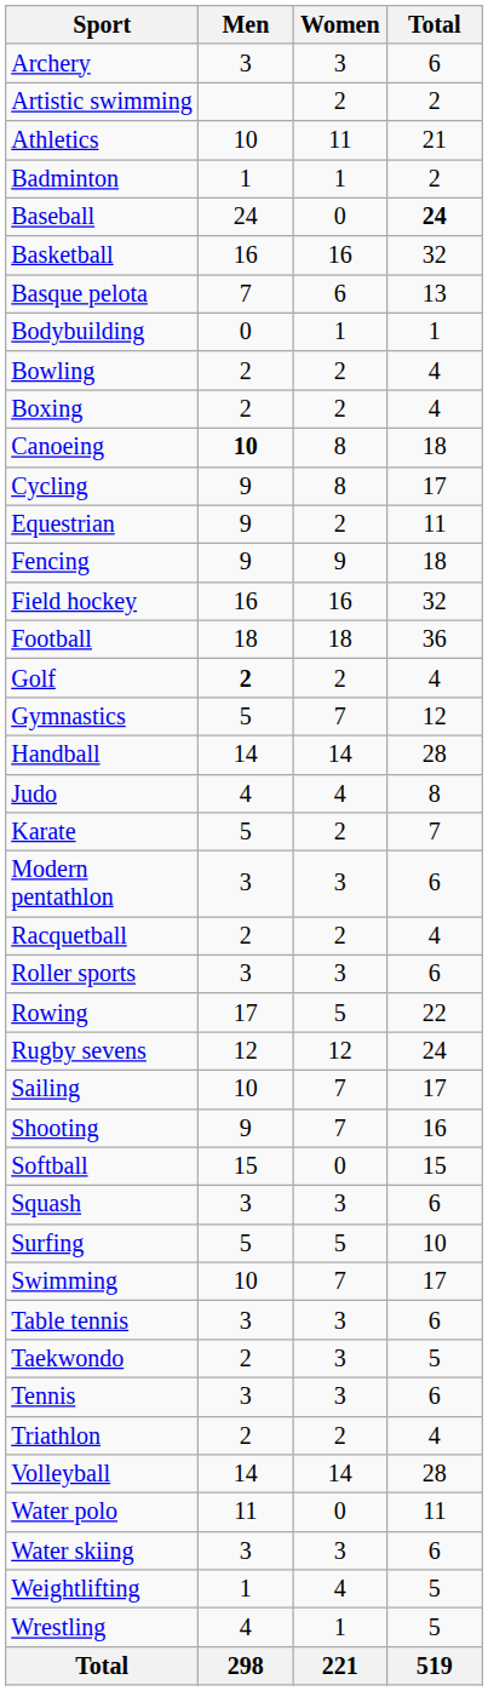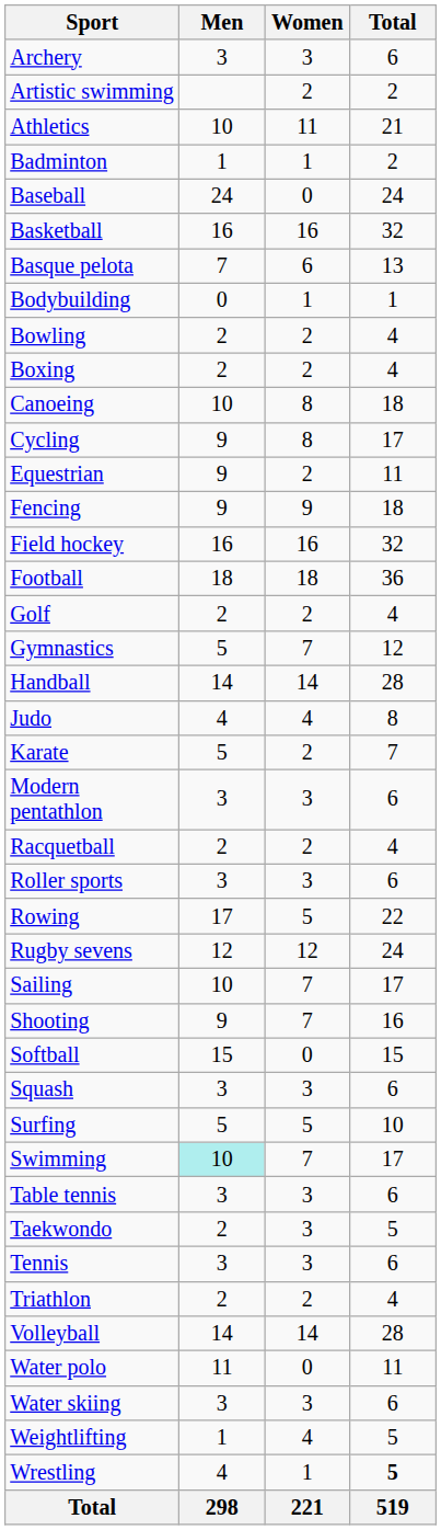 <table class="wikitable sortable" style="text-align:center;">
 <tr>
 <th width=120>Sport</th>
 <th width=55>Men</th>
 <th width=55>Women</th>
 <th width=55>Total</th>
 </tr>
 <tr>
 <td style="text-align:left"left><a href='#'>Archery</a></td>
 <td>3</td>
 <td>3</td>
 <td>6</td>
 </tr>
 <tr>
 <td style="text-align:left"><a href='#'>Artistic swimming</a></td>
 <td></td>
 <td>2</td>
 <td>2</td>
 </tr>
 <tr>
 <td style="text-align:left"><a href='#'>Athletics</a></td>
 <td>10</td>
 <td>11</td>
 <td>21</td>
 </tr>
 <tr>
 <td style="text-align:left"><a href='#'>Badminton</a></td>
 <td>1</td>
 <td>1</td>
 <td>2</td>
 </tr>
 <tr>
 <td style="text-align:left"><a href='#'>Baseball</a></td>
 <td>24</td>
 <td>0</td>
-<td><strong>24</strong></td>
+<td>24</td>
 </tr>
 <tr>
 <td style="text-align:left"><a href='#'>Basketball</a></td>
 <td>16</td>
 <td>16</td>
 <td>32</td>
 </tr>
 <tr>
 <td style="text-align:left"><a href='#'>Basque pelota</a></td>
 <td>7</td>
 <td>6</td>
 <td>13</td>
 </tr>
 <tr>
 <td style="text-align:left"><a href='#'>Bodybuilding</a></td>
 <td>0</td>
 <td>1</td>
 <td>1</td>
 </tr>
 <tr>
 <td style="text-align:left"><a href='#'>Bowling</a></td>
 <td>2</td>
 <td>2</td>
 <td>4</td>
 </tr>
 <tr>
 <td style="text-align:left"><a href='#'>Boxing</a></td>
 <td>2</td>
 <td>2</td>
 <td>4</td>
 </tr>
 <tr>
 <td style="text-align:left"><a href='#'>Canoeing</a></td>
-<td><strong>10</strong></td>
+<td>10</td>
 <td>8</td>
 <td>18</td>
 </tr>
 <tr>
 <td style="text-align:left"><a href='#'>Cycling</a></td>
 <td>9</td>
 <td>8</td>
 <td>17</td>
 </tr>
 <tr>
 <td style="text-align:left"><a href='#'>Equestrian</a></td>
 <td>9</td>
 <td>2</td>
 <td>11</td>
 </tr>
 <tr>
 <td style="text-align:left"><a href='#'>Fencing</a></td>
 <td>9</td>
 <td>9</td>
 <td>18</td>
 </tr>
 <tr>
 <td style="text-align:left"><a href='#'>Field hockey</a></td>
 <td>16</td>
 <td>16</td>
 <td>32</td>
 </tr>
 <tr>
 <td style="text-align:left"><a href='#'>Football</a></td>
 <td>18</td>
 <td>18</td>
 <td>36</td>
 </tr>
 <tr>
 <td style="text-align:left"><a href='#'>Golf</a></td>
-<td><strong>2</strong></td>
+<td>2</td>
 <td>2</td>
 <td>4</td>
 </tr>
 <tr>
 <td style="text-align:left"><a href='#'>Gymnastics</a></td>
 <td>5</td>
 <td>7</td>
 <td>12</td>
 </tr>
 <tr>
 <td style="text-align:left"><a href='#'>Handball</a></td>
 <td>14</td>
 <td>14</td>
 <td>28</td>
 </tr>
 <tr>
 <td style="text-align:left"><a href='#'>Judo</a></td>
 <td>4</td>
 <td>4</td>
 <td>8</td>
 </tr>
 <tr>
 <td style="text-align:left"><a href='#'>Karate</a></td>
 <td>5</td>
 <td>2</td>
 <td>7</td>
 </tr>
 <tr>
 <td style="text-align:left"><a href='#'>Modern pentathlon</a></td>
 <td>3</td>
 <td>3</td>
 <td>6</td>
 </tr>
 <tr>
 <td style="text-align:left"><a href='#'>Racquetball</a></td>
 <td>2</td>
 <td>2</td>
 <td>4</td>
 </tr>
 <tr>
 <td style="text-align:left"><a href='#'>Roller sports</a></td>
 <td>3</td>
 <td>3</td>
 <td>6</td>
 </tr>
 <tr>
 <td style="text-align:left"><a href='#'>Rowing</a></td>
 <td>17</td>
 <td>5</td>
 <td>22</td>
 </tr>
 <tr>
 <td style="text-align:left"><a href='#'>Rugby sevens</a></td>
 <td>12</td>
 <td>12</td>
 <td>24</td>
 </tr>
 <tr>
 <td style="text-align:left"><a href='#'>Sailing</a></td>
 <td>10</td>
 <td>7</td>
 <td>17</td>
 </tr>
 <tr>
 <td style="text-align:left"><a href='#'>Shooting</a></td>
 <td>9</td>
 <td>7</td>
 <td>16</td>
 </tr>
 <tr>
 <td style="text-align:left"><a href='#'>Softball</a></td>
 <td>15</td>
 <td>0</td>
 <td>15</td>
 </tr>
 <tr>
 <td style="text-align:left"><a href='#'>Squash</a></td>
 <td>3</td>
 <td>3</td>
 <td>6</td>
 </tr>
 <tr>
 <td style="text-align:left"><a href='#'>Surfing</a></td>
 <td>5</td>
 <td>5</td>
 <td>10</td>
 </tr>
 <tr>
 <td style="text-align:left"><a href='#'>Swimming</a></td>
-<td>10</td>
+<td style="background: paleturquoise;">10</td>
 <td>7</td>
 <td>17</td>
 </tr>
 <tr>
 <td style="text-align:left"><a href='#'>Table tennis</a></td>
 <td>3</td>
 <td>3</td>
 <td>6</td>
 </tr>
 <tr>
 <td style="text-align:left"><a href='#'>Taekwondo</a></td>
 <td>2</td>
 <td>3</td>
 <td>5</td>
 </tr>
 <tr>
 <td style="text-align:left"><a href='#'>Tennis</a></td>
 <td>3</td>
 <td>3</td>
 <td>6</td>
 </tr>
 <tr>
 <td style="text-align:left"><a href='#'>Triathlon</a></td>
 <td>2</td>
 <td>2</td>
 <td>4</td>
 </tr>
 <tr>
 <td style="text-align:left"><a href='#'>Volleyball</a></td>
 <td>14</td>
 <td>14</td>
 <td>28</td>
 </tr>
 <tr>
 <td style="text-align:left"><a href='#'>Water polo</a></td>
 <td>11</td>
 <td>0</td>
 <td>11</td>
 </tr>
 <tr>
 <td style="text-align:left"><a href='#'>Water skiing</a></td>
 <td>3</td>
 <td>3</td>
 <td>6</td>
 </tr>
 <tr>
 <td style="text-align:left"><a href='#'>Weightlifting</a></td>
 <td>1</td>
 <td>4</td>
 <td>5</td>
 </tr>
 <tr>
 <td style="text-align:left"><a href='#'>Wrestling</a></td>
 <td>4</td>
 <td>1</td>
-<td>5</td>
+<td><strong>5</strong></td>
 </tr>
 <tr>
 <th>Total</th>
 <th>298</th>
 <th>221</th>
 <th>519</th>
 </tr>
 </table>
